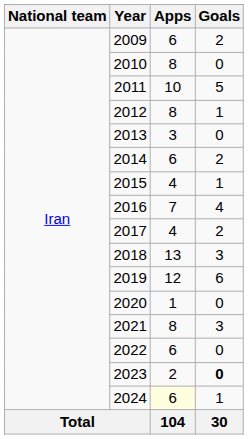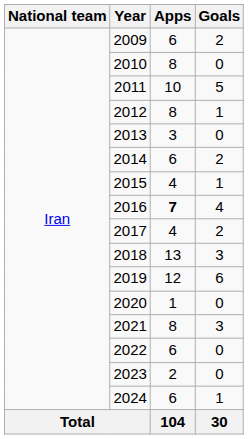 <table class="wikitable" style="text-align:center">
 <tr>
 <th>National team</th>
 <th>Year</th>
 <th>Apps</th>
 <th>Goals</th>
 </tr>
 <tr>
 <td rowspan="16"><a href='#'>Iran</a></td>
 <td>2009</td>
 <td>6</td>
 <td>2</td>
 </tr>
 <tr>
 <td>2010</td>
 <td>8</td>
 <td>0</td>
 </tr>
 <tr>
 <td>2011</td>
 <td>10</td>
 <td>5</td>
 </tr>
 <tr>
 <td>2012</td>
 <td>8</td>
 <td>1</td>
 </tr>
 <tr>
 <td>2013</td>
 <td>3</td>
 <td>0</td>
 </tr>
 <tr>
 <td>2014</td>
 <td>6</td>
 <td>2</td>
 </tr>
 <tr>
 <td>2015</td>
 <td>4</td>
 <td>1</td>
 </tr>
 <tr>
 <td>2016</td>
-<td>7</td>
+<td><strong>7</strong></td>
 <td>4</td>
 </tr>
 <tr>
 <td>2017</td>
 <td>4</td>
 <td>2</td>
 </tr>
 <tr>
 <td>2018</td>
 <td>13</td>
 <td>3</td>
 </tr>
 <tr>
 <td>2019</td>
 <td>12</td>
 <td>6</td>
 </tr>
 <tr>
 <td>2020</td>
 <td>1</td>
 <td>0</td>
 </tr>
 <tr>
 <td>2021</td>
 <td>8</td>
 <td>3</td>
 </tr>
 <tr>
 <td>2022</td>
 <td>6</td>
 <td>0</td>
 </tr>
 <tr>
 <td>2023</td>
 <td>2</td>
-<td><strong>0</strong></td>
+<td>0</td>
 </tr>
 <tr>
 <td>2024</td>
-<td style="background: lightyellow;">6</td>
+<td>6</td>
 <td>1</td>
 </tr>
 <tr>
 <th colspan="2">Total</th>
 <th>104</th>
 <th>30</th>
 </tr>
 </table>
